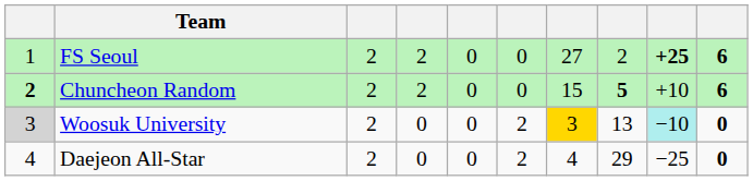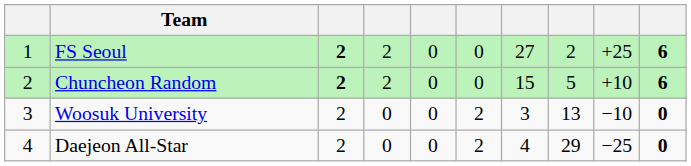 <table class="wikitable" style="text-align: center;">
 <tr>
 <th width=30></th>
 <th width=210>Team</th>
 <th width=30></th>
 <th width=30></th>
 <th width=30></th>
 <th width=30></th>
 <th width=30></th>
 <th width=30></th>
 <th width=30></th>
 <th width=30></th>
 </tr>
 <tr style="background:#BBF3BB">
 <td>1</td>
 <td style="text-align:left;"><a href='#'>FS Seoul</a></td>
-<td>2</td>
+<td><strong>2</strong></td>
 <td>2</td>
 <td>0</td>
 <td>0</td>
 <td>27</td>
 <td>2</td>
-<td><strong>+25</strong></td>
+<td>+25</td>
 <td><strong>6</strong></td>
 </tr>
 <tr style="background:#BBF3BB">
+<td>2</td>
+<td style="text-align:left;"><a href='#'>Chuncheon Random</a></td>
 <td><strong>2</strong></td>
-<td style="text-align:left;"><a href='#'>Chuncheon Random</a></td>
-<td>2</td>
 <td>2</td>
 <td>0</td>
 <td>0</td>
 <td>15</td>
-<td><strong>5</strong></td>
+<td>5</td>
 <td>+10</td>
 <td><strong>6</strong></td>
 </tr>
 <tr>
-<td style="background: lightgrey;">3</td>
+<td>3</td>
 <td style="text-align:left;"><a href='#'>Woosuk University</a></td>
 <td>2</td>
 <td>0</td>
 <td>0</td>
 <td>2</td>
-<td style="background: gold;">3</td>
+<td>3</td>
 <td>13</td>
-<td style="background: paleturquoise;">−10</td>
+<td>−10</td>
 <td><strong>0</strong></td>
 </tr>
 <tr>
 <td>4</td>
 <td style="text-align:left;">Daejeon All-Star</td>
 <td>2</td>
 <td>0</td>
 <td>0</td>
 <td>2</td>
 <td>4</td>
 <td>29</td>
 <td>−25</td>
 <td><strong>0</strong></td>
 </tr>
 </table>
